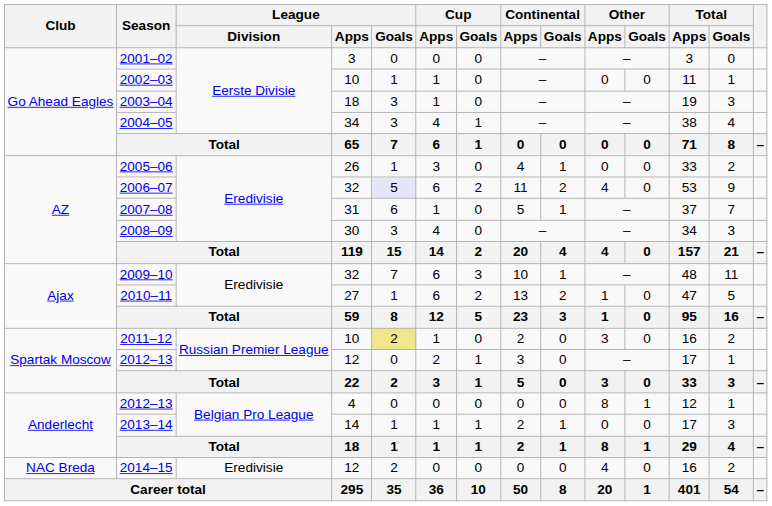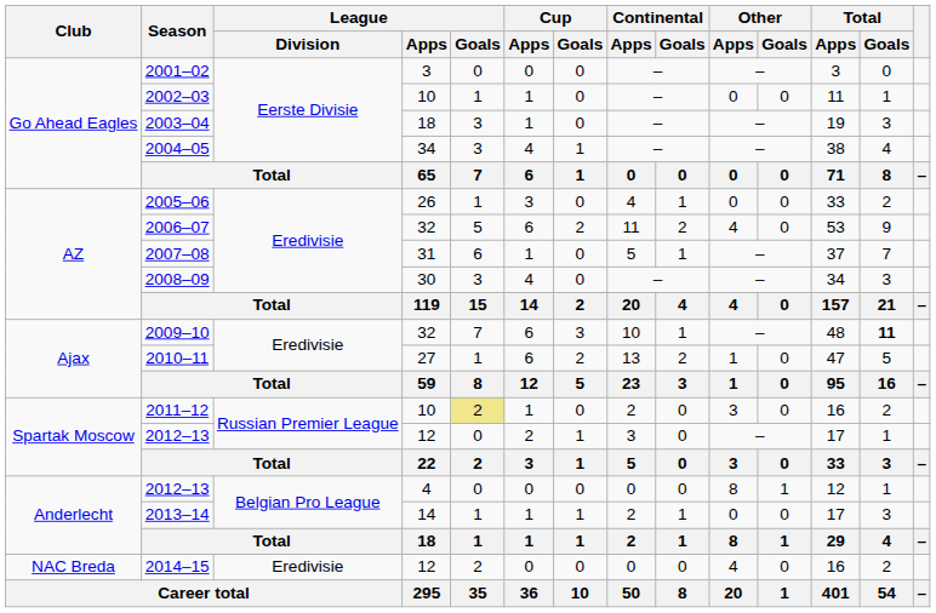 <table class="wikitable" style="text-align: center">
 <tr>
 <th rowspan="2">Club</th>
 <th rowspan="2">Season</th>
 <th colspan="3">League</th>
 <th colspan="2">Cup</th>
 <th colspan="2">Continental</th>
 <th colspan="2">Other</th>
 <th colspan="2">Total</th>
 <th rowspan="2"></th>
 </tr>
 <tr>
 <th>Division</th>
 <th>Apps</th>
 <th>Goals</th>
 <th>Apps</th>
 <th>Goals</th>
 <th>Apps</th>
 <th>Goals</th>
 <th>Apps</th>
 <th>Goals</th>
 <th>Apps</th>
 <th>Goals</th>
 </tr>
 <tr>
 <td rowspan="5"><a href='#'>Go Ahead Eagles</a></td>
 <td><a href='#'>2001–02</a></td>
 <td rowspan="4"><a href='#'>Eerste Divisie</a></td>
 <td>3</td>
 <td>0</td>
 <td>0</td>
 <td>0</td>
 <td colspan="2">–</td>
 <td colspan="2">–</td>
 <td>3</td>
 <td>0</td>
 <td></td>
 </tr>
 <tr>
 <td><a href='#'>2002–03</a></td>
 <td>10</td>
 <td>1</td>
 <td>1</td>
 <td>0</td>
 <td colspan="2">–</td>
 <td>0</td>
 <td>0</td>
 <td>11</td>
 <td>1</td>
 <td></td>
 </tr>
 <tr>
 <td><a href='#'>2003–04</a></td>
 <td>18</td>
 <td>3</td>
 <td>1</td>
 <td>0</td>
 <td colspan="2">–</td>
 <td colspan="2">–</td>
 <td>19</td>
 <td>3</td>
 <td></td>
 </tr>
 <tr>
 <td><a href='#'>2004–05</a></td>
 <td>34</td>
 <td>3</td>
 <td>4</td>
 <td>1</td>
 <td colspan="2">–</td>
 <td colspan="2">–</td>
 <td>38</td>
 <td>4</td>
 <td></td>
 </tr>
 <tr>
 <th colspan="2">Total</th>
 <th>65</th>
 <th>7</th>
 <th>6</th>
 <th>1</th>
 <th>0</th>
 <th>0</th>
 <th>0</th>
 <th>0</th>
 <th>71</th>
 <th>8</th>
 <th>–</th>
 </tr>
 <tr>
 <td rowspan="5"><a href='#'>AZ</a></td>
 <td><a href='#'>2005–06</a></td>
 <td rowspan="4"><a href='#'>Eredivisie</a></td>
 <td>26</td>
 <td>1</td>
 <td>3</td>
 <td>0</td>
 <td>4</td>
 <td>1</td>
 <td>0</td>
 <td>0</td>
 <td>33</td>
 <td>2</td>
 <td></td>
 </tr>
 <tr>
 <td><a href='#'>2006–07</a></td>
 <td>32</td>
-<td style="background: lavender;">5</td>
+<td>5</td>
 <td>6</td>
 <td>2</td>
 <td>11</td>
 <td>2</td>
 <td>4</td>
 <td>0</td>
 <td>53</td>
 <td>9</td>
 <td></td>
 </tr>
 <tr>
 <td><a href='#'>2007–08</a></td>
 <td>31</td>
 <td>6</td>
 <td>1</td>
 <td>0</td>
 <td>5</td>
 <td>1</td>
 <td colspan="2">–</td>
 <td>37</td>
 <td>7</td>
 <td></td>
 </tr>
 <tr>
 <td><a href='#'>2008–09</a></td>
 <td>30</td>
 <td>3</td>
 <td>4</td>
 <td>0</td>
 <td colspan="2">–</td>
 <td colspan="2">–</td>
 <td>34</td>
 <td>3</td>
 <td></td>
 </tr>
 <tr>
 <th colspan="2">Total</th>
 <th>119</th>
 <th>15</th>
 <th>14</th>
 <th>2</th>
 <th>20</th>
 <th>4</th>
 <th>4</th>
 <th>0</th>
 <th>157</th>
 <th>21</th>
 <th>–</th>
 </tr>
 <tr>
 <td rowspan="3"><a href='#'>Ajax</a></td>
 <td><a href='#'>2009–10</a></td>
 <td rowspan="2">Eredivisie</td>
 <td>32</td>
 <td>7</td>
 <td>6</td>
 <td>3</td>
 <td>10</td>
 <td>1</td>
 <td colspan="2">–</td>
 <td>48</td>
-<td>11</td>
+<td><strong>11</strong></td>
 <td></td>
 </tr>
 <tr>
 <td><a href='#'>2010–11</a></td>
 <td>27</td>
 <td>1</td>
 <td>6</td>
 <td>2</td>
 <td>13</td>
 <td>2</td>
 <td>1</td>
 <td>0</td>
 <td>47</td>
 <td>5</td>
 <td></td>
 </tr>
 <tr>
 <th colspan="2">Total</th>
 <th>59</th>
 <th>8</th>
 <th>12</th>
 <th>5</th>
 <th>23</th>
 <th>3</th>
 <th>1</th>
 <th>0</th>
 <th>95</th>
 <th>16</th>
 <th>–</th>
 </tr>
 <tr>
 <td rowspan="3"><a href='#'>Spartak Moscow</a></td>
 <td><a href='#'>2011–12</a></td>
 <td rowspan="2"><a href='#'>Russian Premier League</a></td>
 <td>10</td>
 <td style="background: khaki;">2</td>
 <td>1</td>
 <td>0</td>
 <td>2</td>
 <td>0</td>
 <td>3</td>
 <td>0</td>
 <td>16</td>
 <td>2</td>
 <td></td>
 </tr>
 <tr>
 <td><a href='#'>2012–13</a></td>
 <td>12</td>
 <td>0</td>
 <td>2</td>
 <td>1</td>
 <td>3</td>
 <td>0</td>
 <td colspan="2">–</td>
 <td>17</td>
 <td>1</td>
 <td></td>
 </tr>
 <tr>
 <th colspan="2">Total</th>
 <th>22</th>
 <th>2</th>
 <th>3</th>
 <th>1</th>
 <th>5</th>
 <th>0</th>
 <th>3</th>
 <th>0</th>
 <th>33</th>
 <th>3</th>
 <th>–</th>
 </tr>
 <tr>
 <td rowspan="3"><a href='#'>Anderlecht</a></td>
 <td><a href='#'>2012–13</a></td>
 <td rowspan="2"><a href='#'>Belgian Pro League</a></td>
 <td>4</td>
 <td>0</td>
 <td>0</td>
 <td>0</td>
 <td>0</td>
 <td>0</td>
 <td>8</td>
 <td>1</td>
 <td>12</td>
 <td>1</td>
 <td></td>
 </tr>
 <tr>
 <td><a href='#'>2013–14</a></td>
 <td>14</td>
 <td>1</td>
 <td>1</td>
 <td>1</td>
 <td>2</td>
 <td>1</td>
 <td>0</td>
 <td>0</td>
 <td>17</td>
 <td>3</td>
 <td></td>
 </tr>
 <tr>
 <th colspan="2">Total</th>
 <th>18</th>
 <th>1</th>
 <th>1</th>
 <th>1</th>
 <th>2</th>
 <th>1</th>
 <th>8</th>
 <th>1</th>
 <th>29</th>
 <th>4</th>
 <th>–</th>
 </tr>
 <tr>
 <td><a href='#'>NAC Breda</a></td>
 <td><a href='#'>2014–15</a></td>
 <td>Eredivisie</td>
 <td>12</td>
 <td>2</td>
 <td>0</td>
 <td>0</td>
 <td>0</td>
 <td>0</td>
 <td>4</td>
 <td>0</td>
 <td>16</td>
 <td>2</td>
 <td></td>
 </tr>
 <tr>
 <th colspan="3">Career total</th>
 <th>295</th>
 <th>35</th>
 <th>36</th>
 <th>10</th>
 <th>50</th>
 <th>8</th>
 <th>20</th>
 <th>1</th>
 <th>401</th>
 <th>54</th>
 <th>–</th>
 </tr>
 </table>
